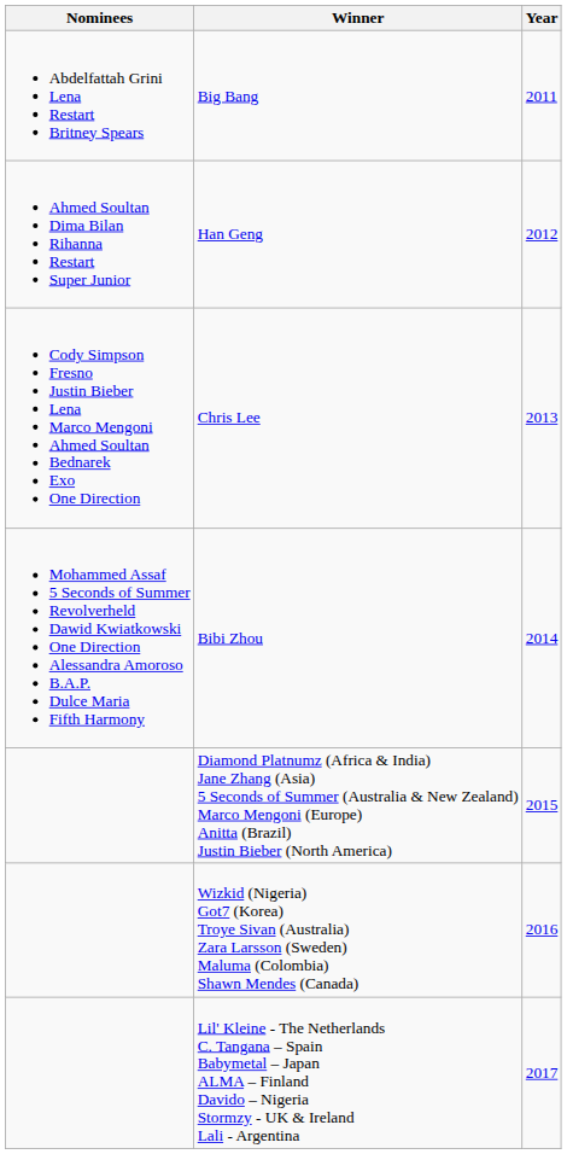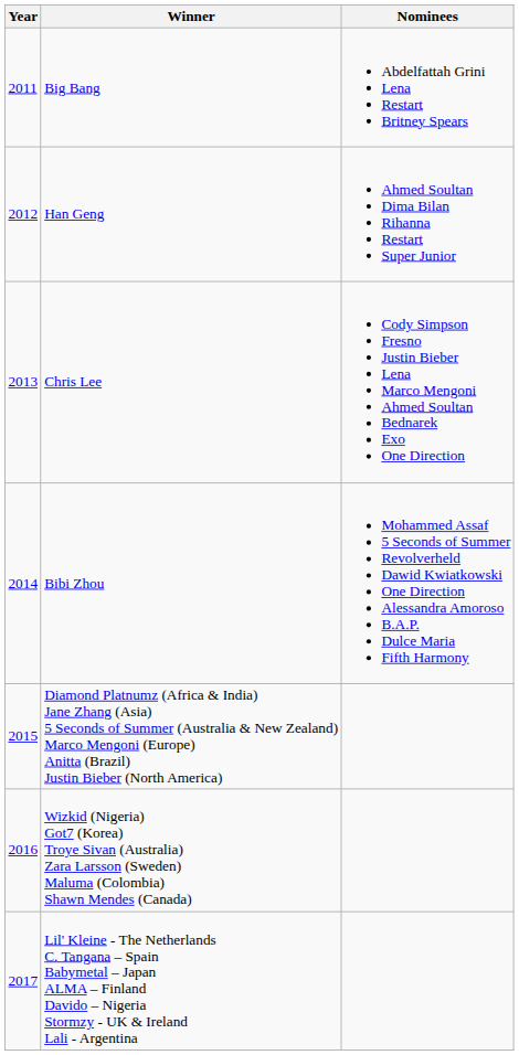 <table class="wikitable">
 <tr>
+<th>Year</th>
+<th>Winner</th>
 <th>Nominees</th>
-<th>Winner</th>
-<th>Year</th>
 </tr>
 <tr>
+<td><a href='#'>2011</a></td>
+<td><a href='#'>Big Bang</a></td>
 <td><br><ul><li>Abdelfattah Grini</li><li><a href='#'>Lena</a></li><li><a href='#'>Restart</a></li><li><a href='#'>Britney Spears</a></li></ul></td>
-<td><a href='#'>Big Bang</a></td>
-<td><a href='#'>2011</a></td>
 </tr>
 <tr>
+<td><a href='#'>2012</a></td>
+<td><a href='#'>Han Geng</a></td>
 <td><br><ul><li><a href='#'>Ahmed Soultan</a></li><li><a href='#'>Dima Bilan</a></li><li><a href='#'>Rihanna</a></li><li><a href='#'>Restart</a></li><li><a href='#'>Super Junior</a></li></ul></td>
-<td><a href='#'>Han Geng</a></td>
-<td><a href='#'>2012</a></td>
 </tr>
 <tr>
+<td><a href='#'>2013</a></td>
+<td><a href='#'>Chris Lee</a></td>
 <td><br><ul><li><a href='#'>Cody Simpson</a></li><li><a href='#'>Fresno</a></li><li><a href='#'>Justin Bieber</a></li><li><a href='#'>Lena</a></li><li><a href='#'>Marco Mengoni</a></li><li><a href='#'>Ahmed Soultan</a></li><li><a href='#'>Bednarek</a></li><li><a href='#'>Exo</a></li><li><a href='#'>One Direction</a></li></ul></td>
-<td><a href='#'>Chris Lee</a></td>
-<td><a href='#'>2013</a></td>
 </tr>
 <tr>
+<td><a href='#'>2014</a></td>
+<td><a href='#'>Bibi Zhou</a></td>
 <td><br><ul><li><a href='#'>Mohammed Assaf</a></li><li><a href='#'>5 Seconds of Summer</a></li><li><a href='#'>Revolverheld</a></li><li><a href='#'>Dawid Kwiatkowski</a></li><li><a href='#'>One Direction</a></li><li><a href='#'>Alessandra Amoroso</a></li><li><a href='#'>B.A.P.</a></li><li><a href='#'>Dulce Maria</a></li><li><a href='#'>Fifth Harmony</a></li></ul></td>
-<td><a href='#'>Bibi Zhou</a></td>
-<td><a href='#'>2014</a></td>
 </tr>
 <tr>
+<td><a href='#'>2015</a></td>
+<td><a href='#'>Diamond Platnumz</a> (Africa & India)<br><a href='#'>Jane Zhang</a> (Asia)<br><a href='#'>5 Seconds of Summer</a> (Australia & New Zealand)<br><a href='#'>Marco Mengoni</a> (Europe)<br><a href='#'>Anitta</a> (Brazil)<br><a href='#'>Justin Bieber</a> (North America)</td>
 <td></td>
-<td><a href='#'>Diamond Platnumz</a> (Africa & India)<br><a href='#'>Jane Zhang</a> (Asia)<br><a href='#'>5 Seconds of Summer</a> (Australia & New Zealand)<br><a href='#'>Marco Mengoni</a> (Europe)<br><a href='#'>Anitta</a> (Brazil)<br><a href='#'>Justin Bieber</a> (North America)</td>
-<td><a href='#'>2015</a></td>
 </tr>
 <tr>
+<td><a href='#'>2016</a></td>
+<td><br><a href='#'>Wizkid</a> (Nigeria) <br><a href='#'>Got7</a> (Korea)<br><a href='#'>Troye Sivan</a> (Australia)<br><a href='#'>Zara Larsson</a> (Sweden)<br><a href='#'>Maluma</a> (Colombia)<br><a href='#'>Shawn Mendes</a> (Canada)</td>
 <td></td>
-<td><br><a href='#'>Wizkid</a> (Nigeria) <br><a href='#'>Got7</a> (Korea)<br><a href='#'>Troye Sivan</a> (Australia)<br><a href='#'>Zara Larsson</a> (Sweden)<br><a href='#'>Maluma</a> (Colombia)<br><a href='#'>Shawn Mendes</a> (Canada)</td>
-<td><a href='#'>2016</a></td>
 </tr>
 <tr>
+<td><a href='#'>2017</a></td>
+<td><br><a href='#'>Lil' Kleine</a> - The Netherlands<br> <a href='#'>C. Tangana</a> – Spain<br> <a href='#'>Babymetal</a> – Japan<br> <a href='#'>ALMA</a> – Finland<br> <a href='#'>Davido</a> – Nigeria<br> <a href='#'>Stormzy</a> - UK & Ireland<br> <a href='#'>Lali</a> - Argentina<br></td>
 <td></td>
-<td><br><a href='#'>Lil' Kleine</a> - The Netherlands<br> <a href='#'>C. Tangana</a> – Spain<br> <a href='#'>Babymetal</a> – Japan<br> <a href='#'>ALMA</a> – Finland<br> <a href='#'>Davido</a> – Nigeria<br> <a href='#'>Stormzy</a> - UK & Ireland<br> <a href='#'>Lali</a> - Argentina<br></td>
-<td><a href='#'>2017</a></td>
 </tr>
 </table>
